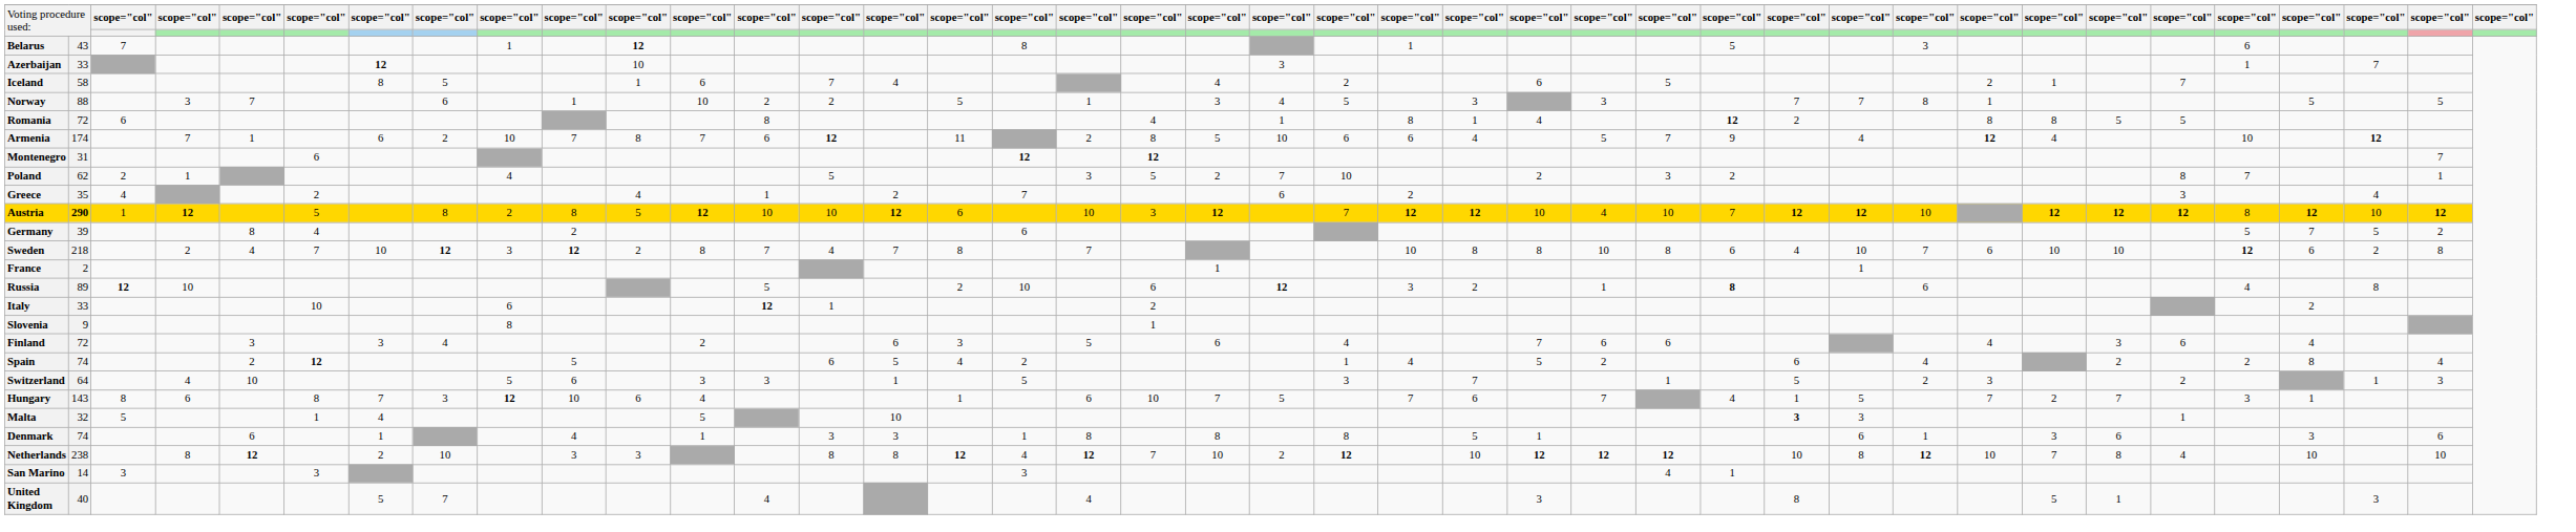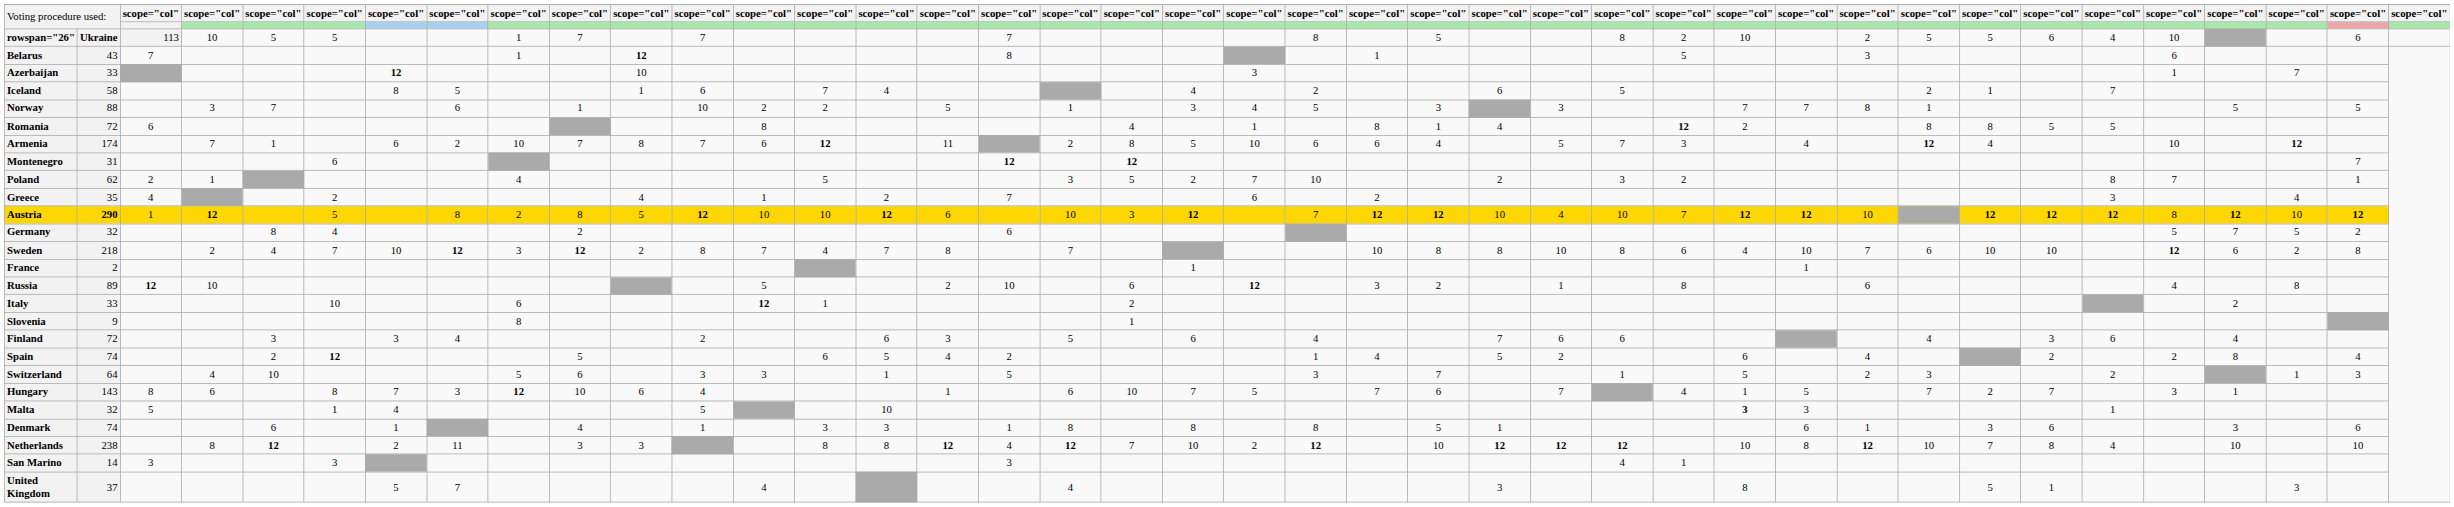 <table class="wikitable plainrowheaders" style="text-align:center; font-size:85%;">
 <tr>
 </tr>
 <tr>
 <td colspan="2" rowspan="2" style="text-align:left; background:#F2F2F2">Voting procedure used:<br></td>
 <th>scope="col" </th>
 <th>scope="col" </th>
 <th>scope="col" </th>
 <th>scope="col" </th>
 <th>scope="col" </th>
 <th>scope="col" </th>
 <th>scope="col" </th>
 <th>scope="col" </th>
 <th>scope="col" </th>
 <th>scope="col" </th>
 <th>scope="col" </th>
 <th>scope="col" </th>
 <th>scope="col" </th>
 <th>scope="col" </th>
 <th>scope="col" </th>
 <th>scope="col" </th>
 <th>scope="col" </th>
 <th>scope="col" </th>
 <th>scope="col" </th>
 <th>scope="col" </th>
 <th>scope="col" </th>
 <th>scope="col" </th>
 <th>scope="col" </th>
 <th>scope="col" </th>
 <th>scope="col" </th>
 <th>scope="col" </th>
 <th>scope="col" </th>
 <th>scope="col" </th>
 <th>scope="col" </th>
 <th>scope="col" </th>
 <th>scope="col" </th>
 <th>scope="col" </th>
 <th>scope="col" </th>
 <th>scope="col" </th>
 <th>scope="col" </th>
 <th>scope="col" </th>
 <th>scope="col" </th>
 <th>scope="col" </th>
 </tr>
 <tr>
 <th style="height:2px; border-top:1px solid transparent;"></th>
 <td style="background:#A4EAA9;"></td>
 <td style="background:#A4EAA9;"></td>
 <td style="background:#A4EAA9;"></td>
 <td style="background:#A4D1EF;"></td>
 <td style="background:#A4D1EF;"></td>
 <td style="background:#A4EAA9;"></td>
 <td style="background:#A4EAA9;"></td>
 <td style="background:#A4EAA9;"></td>
 <td style="background:#A4EAA9;"></td>
 <td style="background:#A4EAA9;"></td>
 <td style="background:#A4EAA9;"></td>
 <td style="background:#A4EAA9;"></td>
 <td style="background:#A4EAA9;"></td>
 <td style="background:#A4EAA9;"></td>
 <td style="background:#A4EAA9;"></td>
 <td style="background:#A4EAA9;"></td>
 <td style="background:#A4EAA9;"></td>
 <td style="background:#A4EAA9;"></td>
 <td style="background:#A4EAA9;"></td>
 <td style="background:#A4EAA9;"></td>
 <td style="background:#A4EAA9;"></td>
 <td style="background:#A4EAA9;"></td>
 <td style="background:#A4EAA9;"></td>
 <td style="background:#A4EAA9;"></td>
 <td style="background:#A4EAA9;"></td>
 <td style="background:#A4EAA9;"></td>
 <td style="background:#A4EAA9;"></td>
 <td style="background:#A4EAA9;"></td>
 <td style="background:#A4EAA9;"></td>
 <td style="background:#A4EAA9;"></td>
 <td style="background:#A4EAA9;"></td>
 <td style="background:#A4EAA9;"></td>
 <td style="background:#A4EAA9;"></td>
 <td style="background:#A4EAA9;"></td>
 <td style="background:#A4EAA9;"></td>
 <td style="background:#EFA4A9;"></td>
 <td style="background:#A4EAA9;"></td>
+</tr>
+<tr>
+<th>rowspan="26" </th>
+<th scope="row" style="text-align:left; background:#f2f2f2;">Ukraine</th>
+<td style="text-align:right; background:#f2f2f2;">113</td>
+<td>10</td>
+<td>5</td>
+<td>5</td>
+<td></td>
+<td></td>
+<td>1</td>
+<td>7</td>
+<td></td>
+<td>7</td>
+<td></td>
+<td></td>
+<td></td>
+<td></td>
+<td>7</td>
+<td></td>
+<td></td>
+<td></td>
+<td></td>
+<td>8</td>
+<td></td>
+<td>5</td>
+<td></td>
+<td></td>
+<td>8</td>
+<td>2</td>
+<td>10</td>
+<td></td>
+<td>2</td>
+<td>5</td>
+<td>5</td>
+<td>6</td>
+<td>4</td>
+<td>10</td>
+<td style="text-align:left; background:#aaa;"></td>
+<td></td>
+<td>6</td>
+<td></td>
 </tr>
 <tr>
 <th scope="row" style="text-align:left; background:#f2f2f2;">Belarus</th>
 <td style="text-align:right; background:#f2f2f2;">43</td>
 <td>7</td>
 <td></td>
 <td></td>
 <td></td>
 <td></td>
 <td></td>
 <td>1</td>
 <td></td>
 <td><strong>12</strong></td>
 <td></td>
 <td></td>
 <td></td>
 <td></td>
 <td></td>
 <td>8</td>
 <td></td>
 <td></td>
 <td></td>
 <td style="text-align:left; background:#aaa;"></td>
 <td></td>
 <td>1</td>
 <td></td>
 <td></td>
 <td></td>
 <td></td>
 <td>5</td>
 <td></td>
 <td></td>
 <td>3</td>
 <td></td>
 <td></td>
 <td></td>
 <td></td>
 <td>6</td>
 <td></td>
 <td></td>
 <td></td>
 </tr>
 <tr>
 <th scope="row" style="text-align:left; background:#f2f2f2;">Azerbaijan</th>
 <td style="text-align:right; background:#f2f2f2;">33</td>
 <td style="text-align:left; background:#aaa;"></td>
 <td></td>
 <td></td>
 <td></td>
 <td><strong>12</strong></td>
 <td></td>
 <td></td>
 <td></td>
 <td>10</td>
 <td></td>
 <td></td>
 <td></td>
 <td></td>
 <td></td>
 <td></td>
 <td></td>
 <td></td>
 <td></td>
 <td>3</td>
 <td></td>
 <td></td>
 <td></td>
 <td></td>
 <td></td>
 <td></td>
 <td></td>
 <td></td>
 <td></td>
 <td></td>
 <td></td>
 <td></td>
 <td></td>
 <td></td>
 <td>1</td>
 <td></td>
 <td>7</td>
 <td></td>
 </tr>
 <tr>
 <th scope="row" style="text-align:left; background:#f2f2f2;">Iceland</th>
 <td style="text-align:right; background:#f2f2f2;">58</td>
 <td></td>
 <td></td>
 <td></td>
 <td></td>
 <td>8</td>
 <td>5</td>
 <td></td>
 <td></td>
 <td>1</td>
 <td>6</td>
 <td></td>
 <td>7</td>
 <td>4</td>
 <td></td>
 <td></td>
 <td style="text-align:left; background:#aaa;"></td>
 <td></td>
 <td>4</td>
 <td></td>
 <td>2</td>
 <td></td>
 <td></td>
 <td>6</td>
 <td></td>
 <td>5</td>
 <td></td>
 <td></td>
 <td></td>
 <td></td>
 <td>2</td>
 <td>1</td>
 <td></td>
 <td>7</td>
 <td></td>
 <td></td>
 <td></td>
 <td></td>
 </tr>
 <tr>
 <th scope="row" style="text-align:left; background:#f2f2f2;">Norway</th>
 <td style="text-align:right; background:#f2f2f2;">88</td>
 <td></td>
 <td>3</td>
 <td>7</td>
 <td></td>
 <td></td>
 <td>6</td>
 <td></td>
 <td>1</td>
 <td></td>
 <td>10</td>
 <td>2</td>
 <td>2</td>
 <td></td>
 <td>5</td>
 <td></td>
 <td>1</td>
 <td></td>
 <td>3</td>
 <td>4</td>
 <td>5</td>
 <td></td>
 <td>3</td>
 <td style="text-align:left; background:#aaa;"></td>
 <td>3</td>
 <td></td>
 <td></td>
 <td>7</td>
 <td>7</td>
 <td>8</td>
 <td>1</td>
 <td></td>
 <td></td>
 <td></td>
 <td></td>
 <td>5</td>
 <td></td>
 <td>5</td>
 </tr>
 <tr>
 <th scope="row" style="text-align:left; background:#f2f2f2;">Romania</th>
 <td style="text-align:right; background:#f2f2f2;">72</td>
 <td>6</td>
 <td></td>
 <td></td>
 <td></td>
 <td></td>
 <td></td>
 <td></td>
 <td style="text-align:left; background:#aaa;"></td>
 <td></td>
 <td></td>
 <td>8</td>
 <td></td>
 <td></td>
 <td></td>
 <td></td>
 <td></td>
 <td>4</td>
 <td></td>
 <td>1</td>
 <td></td>
 <td>8</td>
 <td>1</td>
 <td>4</td>
 <td></td>
 <td></td>
 <td><strong>12</strong></td>
 <td>2</td>
 <td></td>
 <td></td>
 <td>8</td>
 <td>8</td>
 <td>5</td>
 <td>5</td>
 <td></td>
 <td></td>
 <td></td>
 <td></td>
 </tr>
 <tr>
 <th scope="row" style="text-align:left; background:#f2f2f2;">Armenia</th>
 <td style="text-align:right; background:#f2f2f2;">174</td>
 <td></td>
 <td>7</td>
 <td>1</td>
 <td></td>
 <td>6</td>
 <td>2</td>
 <td>10</td>
 <td>7</td>
 <td>8</td>
 <td>7</td>
 <td>6</td>
 <td><strong>12</strong></td>
 <td></td>
 <td>11</td>
 <td style="text-align:left; background:#aaa;"></td>
 <td>2</td>
 <td>8</td>
 <td>5</td>
 <td>10</td>
 <td>6</td>
 <td>6</td>
 <td>4</td>
 <td></td>
 <td>5</td>
 <td>7</td>
-<td>9</td>
+<td>3</td>
 <td></td>
 <td>4</td>
 <td></td>
 <td><strong>12</strong></td>
 <td>4</td>
 <td></td>
 <td></td>
 <td>10</td>
 <td></td>
 <td><strong>12</strong></td>
 <td></td>
 </tr>
 <tr>
 <th scope="row" style="text-align:left; background:#f2f2f2;">Montenegro</th>
 <td style="text-align:right; background:#f2f2f2;">31</td>
 <td></td>
 <td></td>
 <td></td>
 <td>6</td>
 <td></td>
 <td></td>
 <td style="text-align:left; background:#aaa;"></td>
 <td></td>
 <td></td>
 <td></td>
 <td></td>
 <td></td>
 <td></td>
 <td></td>
 <td><strong>12</strong></td>
 <td></td>
 <td><strong>12</strong></td>
 <td></td>
 <td></td>
 <td></td>
 <td></td>
 <td></td>
 <td></td>
 <td></td>
 <td></td>
 <td></td>
 <td></td>
 <td></td>
 <td></td>
 <td></td>
 <td></td>
 <td></td>
 <td></td>
 <td></td>
 <td></td>
 <td></td>
 <td>7</td>
 </tr>
 <tr>
 <th scope="row" style="text-align:left; background:#f2f2f2;">Poland</th>
 <td style="text-align:right; background:#f2f2f2;">62</td>
 <td>2</td>
 <td>1</td>
 <td style="text-align:left; background:#aaa;"></td>
 <td></td>
 <td></td>
 <td></td>
 <td>4</td>
 <td></td>
 <td></td>
 <td></td>
 <td></td>
 <td>5</td>
 <td></td>
 <td></td>
 <td></td>
 <td>3</td>
 <td>5</td>
 <td>2</td>
 <td>7</td>
 <td>10</td>
 <td></td>
 <td></td>
 <td>2</td>
 <td></td>
 <td>3</td>
 <td>2</td>
 <td></td>
 <td></td>
 <td></td>
 <td></td>
 <td></td>
 <td></td>
 <td>8</td>
 <td>7</td>
 <td></td>
 <td></td>
 <td>1</td>
 </tr>
 <tr>
 <th scope="row" style="text-align:left; background:#f2f2f2;">Greece</th>
 <td style="text-align:right; background:#f2f2f2;">35</td>
 <td>4</td>
 <td style="text-align:left; background:#aaa;"></td>
 <td></td>
 <td>2</td>
 <td></td>
 <td></td>
 <td></td>
 <td></td>
 <td>4</td>
 <td></td>
 <td>1</td>
 <td></td>
 <td>2</td>
 <td></td>
 <td>7</td>
 <td></td>
 <td></td>
 <td></td>
 <td>6</td>
 <td></td>
 <td>2</td>
 <td></td>
 <td></td>
 <td></td>
 <td></td>
 <td></td>
 <td></td>
 <td></td>
 <td></td>
 <td></td>
 <td></td>
 <td></td>
 <td>3</td>
 <td></td>
 <td></td>
 <td>4</td>
 <td></td>
 </tr>
 <tr style="background:gold;">
 <th scope="row" style="text-align:left; font-weight:bold; background:gold;">Austria</th>
 <td style="text-align:right; font-weight:bold;">290</td>
 <td>1</td>
 <td><strong>12</strong></td>
 <td></td>
 <td>5</td>
 <td></td>
 <td>8</td>
 <td>2</td>
 <td>8</td>
 <td>5</td>
 <td><strong>12</strong></td>
 <td>10</td>
 <td>10</td>
 <td><strong>12</strong></td>
 <td>6</td>
 <td></td>
 <td>10</td>
 <td>3</td>
 <td><strong>12</strong></td>
 <td></td>
 <td>7</td>
 <td><strong>12</strong></td>
 <td><strong>12</strong></td>
 <td>10</td>
 <td>4</td>
 <td>10</td>
 <td>7</td>
 <td><strong>12</strong></td>
 <td><strong>12</strong></td>
 <td>10</td>
 <td style="text-align:left; background:#aaa;"></td>
 <td><strong>12</strong></td>
 <td><strong>12</strong></td>
 <td><strong>12</strong></td>
 <td>8</td>
 <td><strong>12</strong></td>
 <td>10</td>
 <td><strong>12</strong></td>
 </tr>
 <tr>
 <th scope="row" style="text-align:left; background:#f2f2f2;">Germany</th>
-<td style="text-align:right; background:#f2f2f2;">39</td>
+<td style="text-align:right; background:#f2f2f2;">32</td>
 <td></td>
 <td></td>
 <td>8</td>
 <td>4</td>
 <td></td>
 <td></td>
 <td></td>
 <td>2</td>
 <td></td>
 <td></td>
 <td></td>
 <td></td>
 <td></td>
 <td></td>
 <td>6</td>
 <td></td>
 <td></td>
 <td></td>
 <td></td>
 <td style="text-align:left; background:#aaa;"></td>
 <td></td>
 <td></td>
 <td></td>
 <td></td>
 <td></td>
 <td></td>
 <td></td>
 <td></td>
 <td></td>
 <td></td>
 <td></td>
 <td></td>
 <td></td>
 <td>5</td>
 <td>7</td>
 <td>5</td>
 <td>2</td>
 </tr>
 <tr>
 <th scope="row" style="text-align:left; background:#f2f2f2;">Sweden</th>
 <td style="text-align:right; background:#f2f2f2;">218</td>
 <td></td>
 <td>2</td>
 <td>4</td>
 <td>7</td>
 <td>10</td>
 <td><strong>12</strong></td>
 <td>3</td>
 <td><strong>12</strong></td>
 <td>2</td>
 <td>8</td>
 <td>7</td>
 <td>4</td>
 <td>7</td>
 <td>8</td>
 <td></td>
 <td>7</td>
 <td></td>
 <td style="text-align:left; background:#aaa;"></td>
 <td></td>
 <td></td>
 <td>10</td>
 <td>8</td>
 <td>8</td>
 <td>10</td>
 <td>8</td>
 <td>6</td>
 <td>4</td>
 <td>10</td>
 <td>7</td>
 <td>6</td>
 <td>10</td>
 <td>10</td>
 <td></td>
 <td><strong>12</strong></td>
 <td>6</td>
 <td>2</td>
 <td>8</td>
 </tr>
 <tr>
 <th scope="row" style="text-align:left; background:#f2f2f2;">France</th>
 <td style="text-align:right; background:#f2f2f2;">2</td>
 <td></td>
 <td></td>
 <td></td>
 <td></td>
 <td></td>
 <td></td>
 <td></td>
 <td></td>
 <td></td>
 <td></td>
 <td></td>
 <td style="text-align:left; background:#aaa;"></td>
 <td></td>
 <td></td>
 <td></td>
 <td></td>
 <td></td>
 <td>1</td>
 <td></td>
 <td></td>
 <td></td>
 <td></td>
 <td></td>
 <td></td>
 <td></td>
 <td></td>
 <td></td>
 <td>1</td>
 <td></td>
 <td></td>
 <td></td>
 <td></td>
 <td></td>
 <td></td>
 <td></td>
 <td></td>
 <td></td>
 </tr>
 <tr>
 <th scope="row" style="text-align:left; background:#f2f2f2;">Russia</th>
 <td style="text-align:right; background:#f2f2f2;">89</td>
 <td><strong>12</strong></td>
 <td>10</td>
 <td></td>
 <td></td>
 <td></td>
 <td></td>
 <td></td>
 <td></td>
 <td style="text-align:left; background:#aaa;"></td>
 <td></td>
 <td>5</td>
 <td></td>
 <td></td>
 <td>2</td>
 <td>10</td>
 <td></td>
 <td>6</td>
 <td></td>
 <td><strong>12</strong></td>
 <td></td>
 <td>3</td>
 <td>2</td>
 <td></td>
 <td>1</td>
 <td></td>
-<td><strong>8</strong></td>
+<td>8</td>
 <td></td>
 <td></td>
 <td>6</td>
 <td></td>
 <td></td>
 <td></td>
 <td></td>
 <td>4</td>
 <td></td>
 <td>8</td>
 <td></td>
 </tr>
 <tr>
 <th scope="row" style="text-align:left; background:#f2f2f2;">Italy</th>
 <td style="text-align:right; background:#f2f2f2;">33</td>
 <td></td>
 <td></td>
 <td></td>
 <td>10</td>
 <td></td>
 <td></td>
 <td>6</td>
 <td></td>
 <td></td>
 <td></td>
 <td><strong>12</strong></td>
 <td>1</td>
 <td></td>
 <td></td>
 <td></td>
 <td></td>
 <td>2</td>
 <td></td>
 <td></td>
 <td></td>
 <td></td>
 <td></td>
 <td></td>
 <td></td>
 <td></td>
 <td></td>
 <td></td>
 <td></td>
 <td></td>
 <td></td>
 <td></td>
 <td></td>
 <td style="text-align:left; background:#aaa;"></td>
 <td></td>
 <td>2</td>
 <td></td>
 <td></td>
 </tr>
 <tr>
 <th scope="row" style="text-align:left; background:#f2f2f2;">Slovenia</th>
 <td style="text-align:right; background:#f2f2f2;">9</td>
 <td></td>
 <td></td>
 <td></td>
 <td></td>
 <td></td>
 <td></td>
 <td>8</td>
 <td></td>
 <td></td>
 <td></td>
 <td></td>
 <td></td>
 <td></td>
 <td></td>
 <td></td>
 <td></td>
 <td>1</td>
 <td></td>
 <td></td>
 <td></td>
 <td></td>
 <td></td>
 <td></td>
 <td></td>
 <td></td>
 <td></td>
 <td></td>
 <td></td>
 <td></td>
 <td></td>
 <td></td>
 <td></td>
 <td></td>
 <td></td>
 <td></td>
 <td></td>
 <td style="text-align:left; background:#aaa;"></td>
 </tr>
 <tr>
 <th scope="row" style="text-align:left; background:#f2f2f2;">Finland</th>
 <td style="text-align:right; background:#f2f2f2;">72</td>
 <td></td>
 <td></td>
 <td>3</td>
 <td></td>
 <td>3</td>
 <td>4</td>
 <td></td>
 <td></td>
 <td></td>
 <td>2</td>
 <td></td>
 <td></td>
 <td>6</td>
 <td>3</td>
 <td></td>
 <td>5</td>
 <td></td>
 <td>6</td>
 <td></td>
 <td>4</td>
 <td></td>
 <td></td>
 <td>7</td>
 <td>6</td>
 <td>6</td>
 <td></td>
 <td></td>
 <td style="text-align:left; background:#aaa;"></td>
 <td></td>
 <td>4</td>
 <td></td>
 <td>3</td>
 <td>6</td>
 <td></td>
 <td>4</td>
 <td></td>
 <td></td>
 </tr>
 <tr>
 <th scope="row" style="text-align:left; background:#f2f2f2;">Spain</th>
 <td style="text-align:right; background:#f2f2f2;">74</td>
 <td></td>
 <td></td>
 <td>2</td>
 <td><strong>12</strong></td>
 <td></td>
 <td></td>
 <td></td>
 <td>5</td>
 <td></td>
 <td></td>
 <td></td>
 <td>6</td>
 <td>5</td>
 <td>4</td>
 <td>2</td>
 <td></td>
 <td></td>
 <td></td>
 <td></td>
 <td>1</td>
 <td>4</td>
 <td></td>
 <td>5</td>
 <td>2</td>
 <td></td>
 <td></td>
 <td>6</td>
 <td></td>
 <td>4</td>
 <td></td>
 <td style="text-align:left; background:#aaa;"></td>
 <td>2</td>
 <td></td>
 <td>2</td>
 <td>8</td>
 <td></td>
 <td>4</td>
 </tr>
 <tr>
 <th scope="row" style="text-align:left; background:#f2f2f2;">Switzerland</th>
 <td style="text-align:right; background:#f2f2f2;">64</td>
 <td></td>
 <td>4</td>
 <td>10</td>
 <td></td>
 <td></td>
 <td></td>
 <td>5</td>
 <td>6</td>
 <td></td>
 <td>3</td>
 <td>3</td>
 <td></td>
 <td>1</td>
 <td></td>
 <td>5</td>
 <td></td>
 <td></td>
 <td></td>
 <td></td>
 <td>3</td>
 <td></td>
 <td>7</td>
 <td></td>
 <td></td>
 <td>1</td>
 <td></td>
 <td>5</td>
 <td></td>
 <td>2</td>
 <td>3</td>
 <td></td>
 <td></td>
 <td>2</td>
 <td></td>
 <td style="text-align:left; background:#aaa;"></td>
 <td>1</td>
 <td>3</td>
 </tr>
 <tr>
 <th scope="row" style="text-align:left; background:#f2f2f2;">Hungary</th>
 <td style="text-align:right; background:#f2f2f2;">143</td>
 <td>8</td>
 <td>6</td>
 <td></td>
 <td>8</td>
 <td>7</td>
 <td>3</td>
 <td><strong>12</strong></td>
 <td>10</td>
 <td>6</td>
 <td>4</td>
 <td></td>
 <td></td>
 <td></td>
 <td>1</td>
 <td></td>
 <td>6</td>
 <td>10</td>
 <td>7</td>
 <td>5</td>
 <td></td>
 <td>7</td>
 <td>6</td>
 <td></td>
 <td>7</td>
 <td style="text-align:left; background:#aaa;"></td>
 <td>4</td>
 <td>1</td>
 <td>5</td>
 <td></td>
 <td>7</td>
 <td>2</td>
 <td>7</td>
 <td></td>
 <td>3</td>
 <td>1</td>
 <td></td>
 <td></td>
 </tr>
 <tr>
 <th scope="row" style="text-align:left; background:#f2f2f2;">Malta</th>
 <td style="text-align:right; background:#f2f2f2;">32</td>
 <td>5</td>
 <td></td>
 <td></td>
 <td>1</td>
 <td>4</td>
 <td></td>
 <td></td>
 <td></td>
 <td></td>
 <td>5</td>
 <td style="text-align:left; background:#aaa;"></td>
 <td></td>
 <td>10</td>
 <td></td>
 <td></td>
 <td></td>
 <td></td>
 <td></td>
 <td></td>
 <td></td>
 <td></td>
 <td></td>
 <td></td>
 <td></td>
 <td></td>
 <td></td>
 <td><strong>3</strong></td>
 <td>3</td>
 <td></td>
 <td></td>
 <td></td>
 <td></td>
 <td>1</td>
 <td></td>
 <td></td>
 <td></td>
 <td></td>
 </tr>
 <tr>
 <th scope="row" style="text-align:left; background:#f2f2f2;">Denmark</th>
 <td style="text-align:right; background:#f2f2f2;">74</td>
 <td></td>
 <td></td>
 <td>6</td>
 <td></td>
 <td>1</td>
 <td style="text-align:left; background:#aaa;"></td>
 <td></td>
 <td>4</td>
 <td></td>
 <td>1</td>
 <td></td>
 <td>3</td>
 <td>3</td>
 <td></td>
 <td>1</td>
 <td>8</td>
 <td></td>
 <td>8</td>
 <td></td>
 <td>8</td>
 <td></td>
 <td>5</td>
 <td>1</td>
 <td></td>
 <td></td>
 <td></td>
 <td></td>
 <td>6</td>
 <td>1</td>
 <td></td>
 <td>3</td>
 <td>6</td>
 <td></td>
 <td></td>
 <td>3</td>
 <td></td>
 <td>6</td>
 </tr>
 <tr>
 <th scope="row" style="text-align:left; background:#f2f2f2;">Netherlands</th>
 <td style="text-align:right; background:#f2f2f2;">238</td>
 <td></td>
 <td>8</td>
 <td><strong>12</strong></td>
 <td></td>
 <td>2</td>
-<td>10</td>
+<td>11</td>
 <td></td>
 <td>3</td>
 <td>3</td>
 <td style="text-align:left; background:#aaa;"></td>
 <td></td>
 <td>8</td>
 <td>8</td>
 <td><strong>12</strong></td>
 <td>4</td>
 <td><strong>12</strong></td>
 <td>7</td>
 <td>10</td>
 <td>2</td>
 <td><strong>12</strong></td>
 <td></td>
 <td>10</td>
 <td><strong>12</strong></td>
 <td><strong>12</strong></td>
 <td><strong>12</strong></td>
 <td></td>
 <td>10</td>
 <td>8</td>
 <td><strong>12</strong></td>
 <td>10</td>
 <td>7</td>
 <td>8</td>
 <td>4</td>
 <td></td>
 <td>10</td>
 <td></td>
 <td>10</td>
 </tr>
 <tr>
 <th scope="row" style="text-align:left; background:#f2f2f2;">San Marino</th>
 <td style="text-align:right; background:#f2f2f2;">14</td>
 <td>3</td>
 <td></td>
 <td></td>
 <td>3</td>
 <td style="text-align:left; background:#aaa;"></td>
 <td></td>
 <td></td>
 <td></td>
 <td></td>
 <td></td>
 <td></td>
 <td></td>
 <td></td>
 <td></td>
 <td>3</td>
 <td></td>
 <td></td>
 <td></td>
 <td></td>
 <td></td>
 <td></td>
 <td></td>
 <td></td>
 <td></td>
 <td>4</td>
 <td>1</td>
 <td></td>
 <td></td>
 <td></td>
 <td></td>
 <td></td>
 <td></td>
 <td></td>
 <td></td>
 <td></td>
 <td></td>
 <td></td>
 </tr>
 <tr>
 <th scope="row" style="text-align:left; background:#f2f2f2;">United Kingdom</th>
-<td style="text-align:right; background:#f2f2f2;">40</td>
+<td style="text-align:right; background:#f2f2f2;">37</td>
 <td></td>
 <td></td>
 <td></td>
 <td></td>
 <td>5</td>
 <td>7</td>
 <td></td>
 <td></td>
 <td></td>
 <td></td>
 <td>4</td>
 <td></td>
 <td style="text-align:left; background:#aaa;"></td>
 <td></td>
 <td></td>
 <td>4</td>
 <td></td>
 <td></td>
 <td></td>
 <td></td>
 <td></td>
 <td></td>
 <td>3</td>
 <td></td>
 <td></td>
 <td></td>
 <td>8</td>
 <td></td>
 <td></td>
 <td></td>
 <td>5</td>
 <td>1</td>
 <td></td>
 <td></td>
 <td></td>
 <td>3</td>
 <td></td>
 </tr>
 </table>
